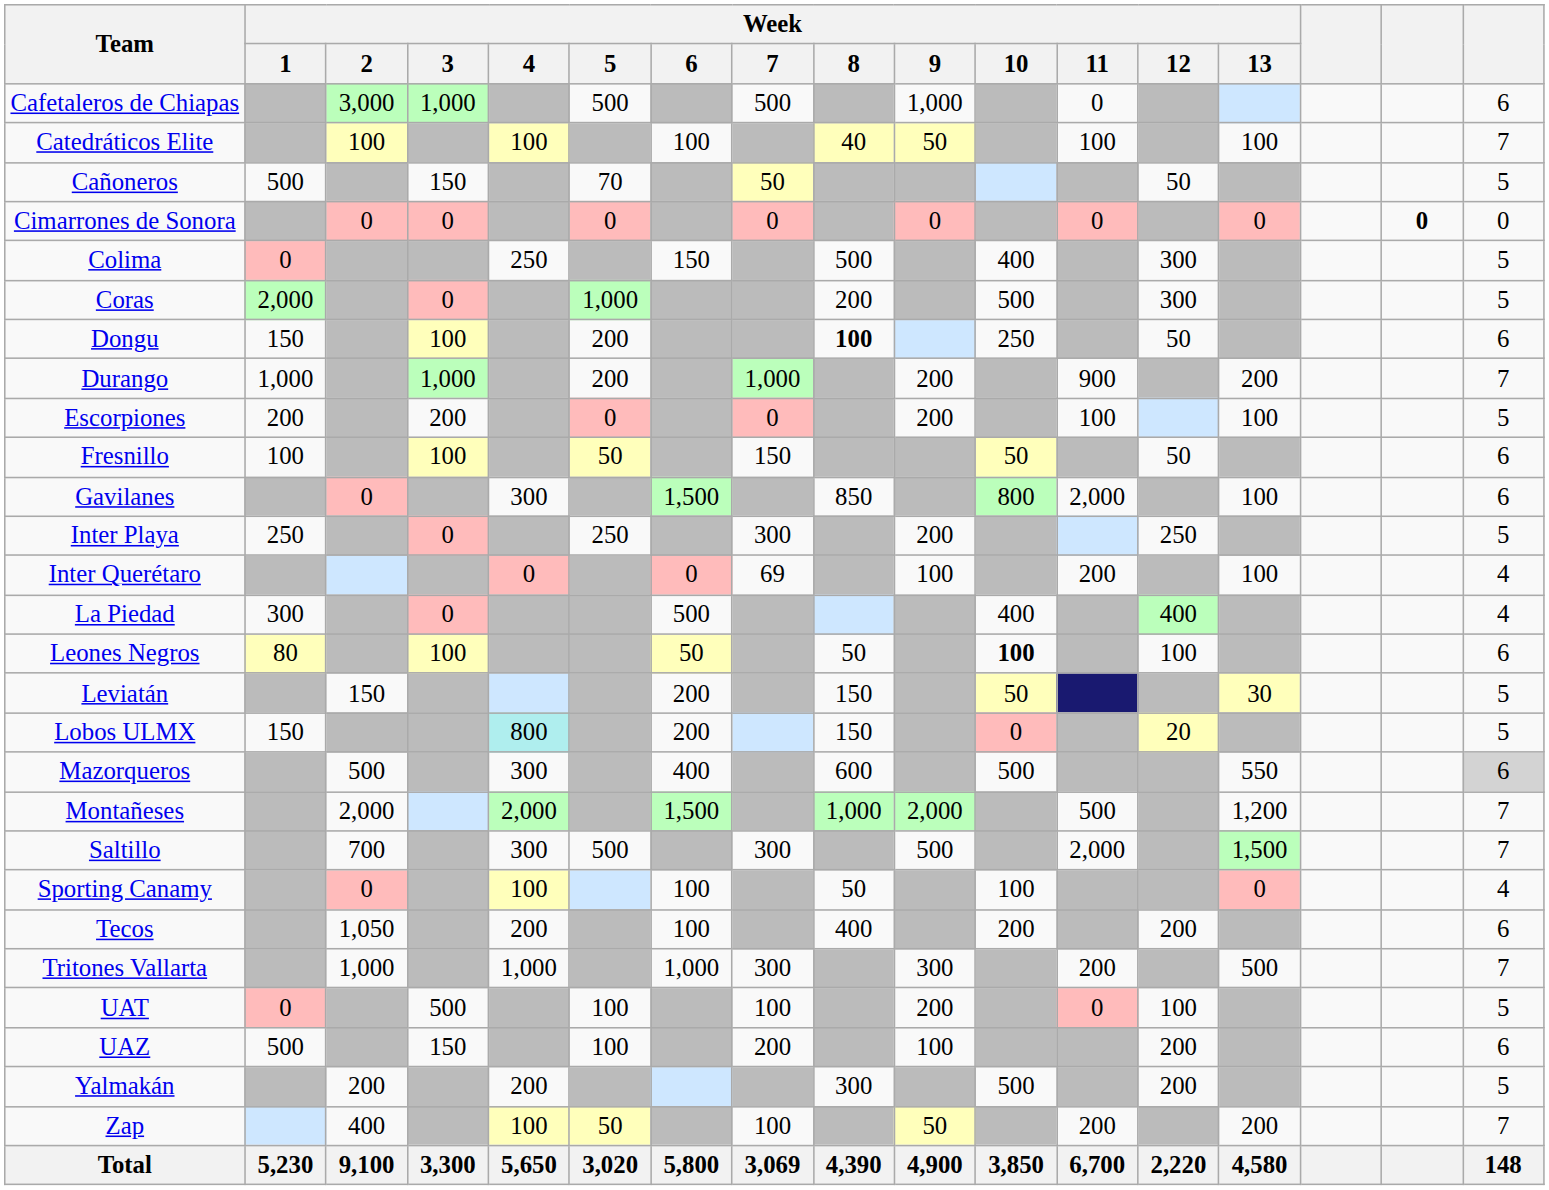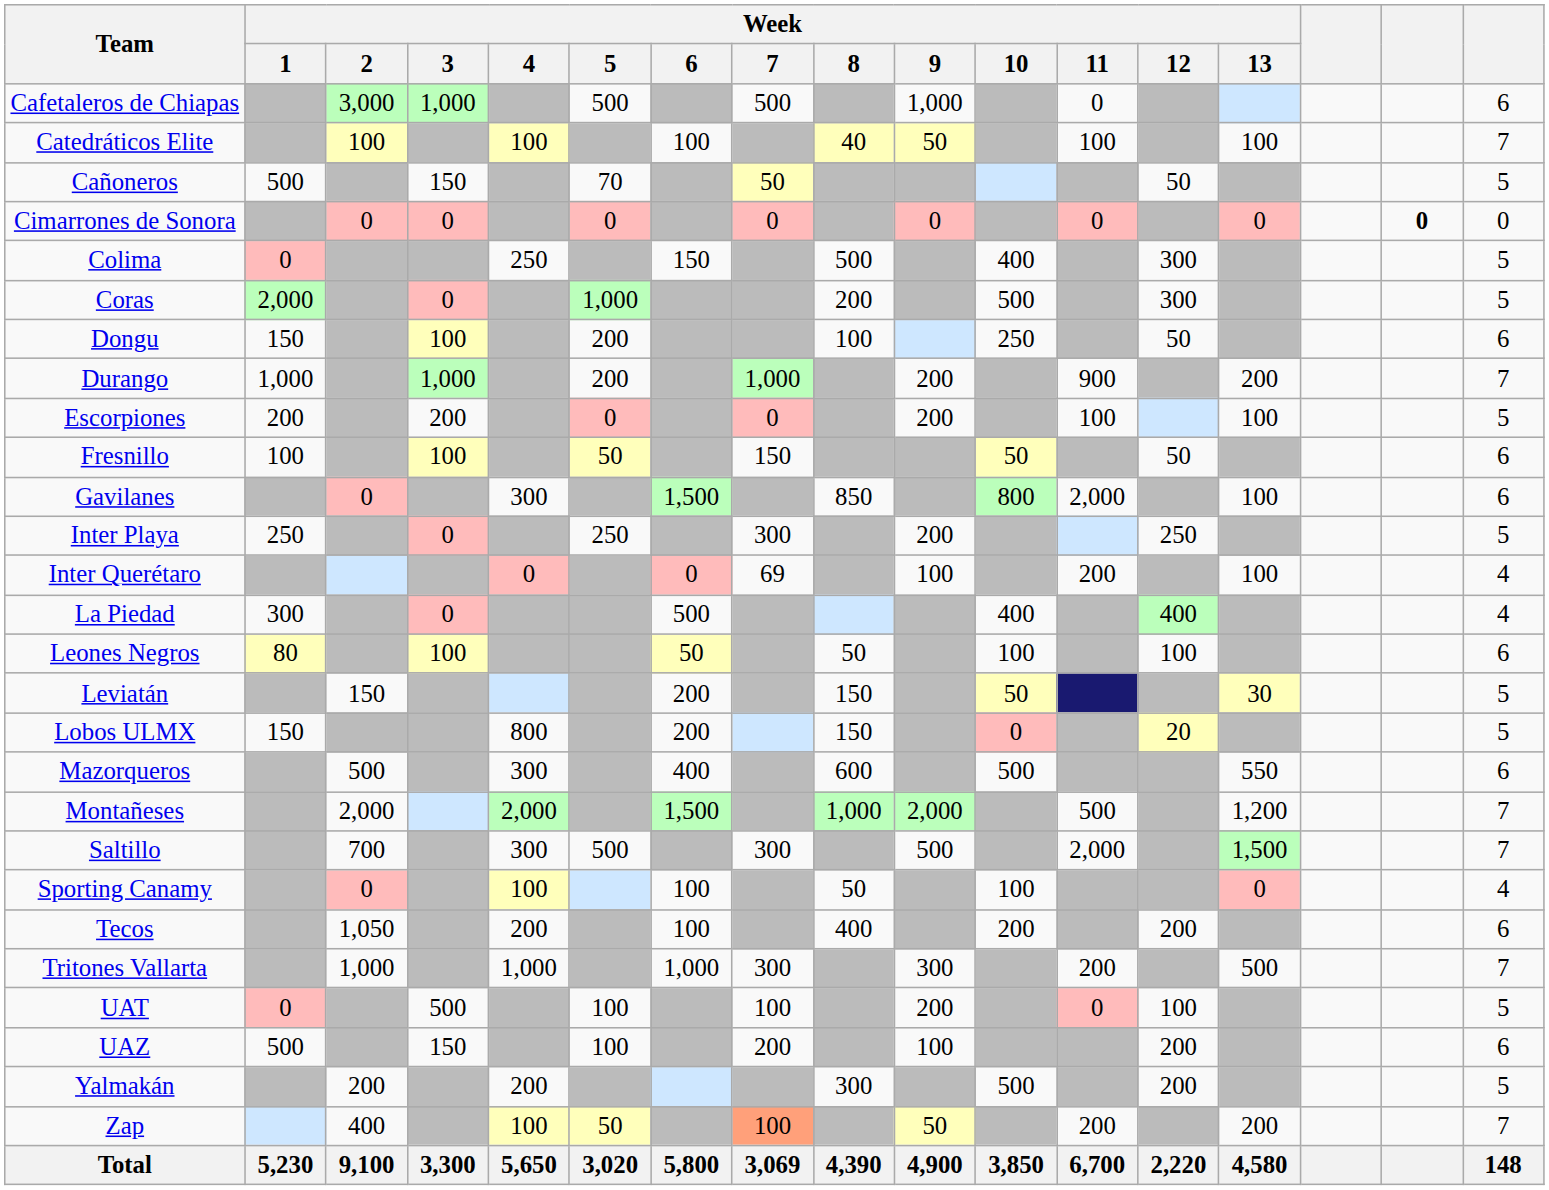 <table class="wikitable" style="text-align:center">
 <tr>
 <th colspan=1 rowspan="2">Team</th>
 <th colspan=13>Week</th>
 <th colspan=1 rowspan="2" width=45></th>
 <th colspan=1 rowspan="2" width=45></th>
 <th colspan=1 rowspan="2" width=45></th>
 </tr>
 <tr>
 <th width=45>1</th>
 <th width=45>2</th>
 <th width=45>3</th>
 <th width=45>4</th>
 <th width=45>5</th>
 <th width=45>6</th>
 <th width=45>7</th>
 <th width=45>8</th>
 <th width=45>9</th>
 <th width=45>10</th>
 <th width=45>11</th>
 <th width=45>12</th>
 <th width=45>13</th>
 </tr>
 <tr>
 <td><a href='#'>Cafetaleros de Chiapas</a></td>
 <td bgcolor=#BBBBBB></td>
 <td bgcolor=#BBFFBB>3,000</td>
 <td bgcolor=#BBFFBB>1,000</td>
 <td bgcolor=#BBBBBB></td>
 <td>500</td>
 <td bgcolor=#BBBBBB></td>
 <td>500</td>
 <td bgcolor=#BBBBBB></td>
 <td>1,000</td>
 <td bgcolor=#BBBBBB></td>
 <td>0</td>
 <td bgcolor=#BBBBBB></td>
 <td bgcolor=#CEE7FF></td>
 <td></td>
 <td><strong></strong></td>
 <td>6</td>
 </tr>
 <tr>
 <td><a href='#'>Catedráticos Elite</a></td>
 <td bgcolor=#BBBBBB></td>
 <td bgcolor=#FFFFBB>100</td>
 <td bgcolor=#BBBBBB></td>
 <td bgcolor=#FFFFBB>100</td>
 <td bgcolor=#BBBBBB></td>
 <td>100</td>
 <td bgcolor=#BBBBBB></td>
 <td bgcolor=#FFFFBB>40</td>
 <td bgcolor=#FFFFBB>50</td>
 <td bgcolor=#BBBBBB></td>
 <td>100</td>
 <td bgcolor=#BBBBBB></td>
 <td>100</td>
 <td></td>
 <td><strong> </strong></td>
 <td>7</td>
 </tr>
 <tr>
 <td><a href='#'>Cañoneros</a></td>
 <td>500</td>
 <td bgcolor=#BBBBBB></td>
 <td>150</td>
 <td bgcolor=#BBBBBB></td>
 <td>70</td>
 <td bgcolor=#BBBBBB></td>
 <td bgcolor=#FFFFBB>50</td>
 <td bgcolor=#BBBBBB></td>
 <td bgcolor=#BBBBBB></td>
 <td bgcolor=#CEE7FF></td>
 <td bgcolor=#BBBBBB></td>
 <td>50</td>
 <td bgcolor=#BBBBBB></td>
 <td></td>
 <td><strong></strong></td>
 <td>5</td>
 </tr>
 <tr>
 <td><a href='#'>Cimarrones de Sonora</a></td>
 <td bgcolor=#BBBBBB></td>
 <td bgcolor=#FFBBBB>0</td>
 <td bgcolor=#FFBBBB>0</td>
 <td bgcolor=#BBBBBB></td>
 <td bgcolor=#FFBBBB>0</td>
 <td bgcolor=#BBBBBB></td>
 <td bgcolor=#FFBBBB>0</td>
 <td bgcolor=#BBBBBB></td>
 <td bgcolor=#FFBBBB>0</td>
 <td bgcolor=#BBBBBB></td>
 <td bgcolor=#FFBBBB>0</td>
 <td bgcolor=#BBBBBB></td>
 <td bgcolor=#FFBBBB>0</td>
 <td></td>
 <td><strong>0</strong></td>
 <td>0</td>
 </tr>
 <tr>
 <td><a href='#'>Colima</a></td>
 <td bgcolor=#FFBBBB>0</td>
 <td bgcolor=#BBBBBB></td>
 <td bgcolor=#BBBBBB></td>
 <td>250</td>
 <td bgcolor=#BBBBBB></td>
 <td>150</td>
 <td bgcolor=#BBBBBB></td>
 <td>500</td>
 <td bgcolor=#BBBBBB></td>
 <td>400</td>
 <td bgcolor=#BBBBBB></td>
 <td>300</td>
 <td bgcolor=#BBBBBB></td>
 <td></td>
 <td><strong></strong></td>
 <td>5</td>
 </tr>
 <tr>
 <td><a href='#'>Coras</a></td>
 <td bgcolor=#BBFFBB>2,000</td>
 <td bgcolor=#BBBBBB></td>
 <td bgcolor=#FFBBBB>0</td>
 <td bgcolor=#BBBBBB></td>
 <td bgcolor=#BBFFBB>1,000</td>
 <td bgcolor=#BBBBBB></td>
 <td bgcolor=#BBBBBB></td>
 <td>200</td>
 <td bgcolor=#BBBBBB></td>
 <td>500</td>
 <td bgcolor=#BBBBBB></td>
 <td>300</td>
 <td bgcolor=#BBBBBB></td>
 <td></td>
 <td><strong></strong></td>
 <td>5</td>
 </tr>
 <tr>
 <td><a href='#'>Dongu</a></td>
 <td>150</td>
 <td bgcolor=#BBBBBB></td>
 <td bgcolor=#FFFFBB>100</td>
 <td bgcolor=#BBBBBB></td>
 <td>200</td>
 <td bgcolor=#BBBBBB></td>
 <td bgcolor=#BBBBBB></td>
-<td><strong>100</strong></td>
+<td>100</td>
 <td bgcolor=#CEE7FF></td>
 <td>250</td>
 <td bgcolor=#BBBBBB></td>
 <td>50</td>
 <td bgcolor=#BBBBBB></td>
 <td></td>
 <td><strong></strong></td>
 <td>6</td>
 </tr>
 <tr>
 <td><a href='#'>Durango</a></td>
 <td>1,000</td>
 <td bgcolor=#BBBBBB></td>
 <td bgcolor=#BBFFBB>1,000</td>
 <td bgcolor=#BBBBBB></td>
 <td>200</td>
 <td bgcolor=#BBBBBB></td>
 <td bgcolor=#BBFFBB>1,000</td>
 <td bgcolor=#BBBBBB></td>
 <td>200</td>
 <td bgcolor=#BBBBBB></td>
 <td>900</td>
 <td bgcolor=#BBBBBB></td>
 <td>200</td>
 <td></td>
 <td><strong></strong></td>
 <td>7</td>
 </tr>
 <tr>
 <td><a href='#'>Escorpiones</a></td>
 <td>200</td>
 <td bgcolor=#BBBBBB></td>
 <td>200</td>
 <td bgcolor=#BBBBBB></td>
 <td bgcolor=#FFBBBB>0</td>
 <td bgcolor=#BBBBBB></td>
 <td bgcolor=#FFBBBB>0</td>
 <td bgcolor=#BBBBBB></td>
 <td>200</td>
 <td bgcolor=#BBBBBB></td>
 <td>100</td>
 <td bgcolor=#CEE7FF></td>
 <td>100</td>
 <td></td>
 <td><strong> </strong></td>
 <td>5</td>
 </tr>
 <tr>
 <td><a href='#'>Fresnillo</a></td>
 <td>100</td>
 <td bgcolor=#BBBBBB></td>
 <td bgcolor=#FFFFBB>100</td>
 <td bgcolor=#BBBBBB></td>
 <td bgcolor=#FFFFBB>50</td>
 <td bgcolor=#BBBBBB></td>
 <td>150</td>
 <td bgcolor=#BBBBBB></td>
 <td bgcolor=#BBBBBB></td>
 <td bgcolor=#FFFFBB>50</td>
 <td bgcolor=#BBBBBB></td>
 <td>50</td>
 <td bgcolor=#BBBBBB></td>
 <td></td>
 <td><strong></strong></td>
 <td>6</td>
 </tr>
 <tr>
 <td><a href='#'>Gavilanes</a></td>
 <td bgcolor=#BBBBBB></td>
 <td bgcolor=#FFBBBB>0</td>
 <td bgcolor=#BBBBBB></td>
 <td>300</td>
 <td bgcolor=#BBBBBB></td>
 <td bgcolor=#BBFFBB>1,500</td>
 <td bgcolor=#BBBBBB></td>
 <td>850</td>
 <td bgcolor=#BBBBBB></td>
 <td bgcolor=#BBFFBB>800</td>
 <td>2,000</td>
 <td bgcolor=#BBBBBB></td>
 <td>100</td>
 <td></td>
 <td><strong> </strong></td>
 <td>6</td>
 </tr>
 <tr>
 <td><a href='#'>Inter Playa</a></td>
 <td>250</td>
 <td bgcolor=#BBBBBB></td>
 <td bgcolor=#FFBBBB>0</td>
 <td bgcolor=#BBBBBB></td>
 <td>250</td>
 <td bgcolor=#BBBBBB></td>
 <td>300</td>
 <td bgcolor=#BBBBBB></td>
 <td>200</td>
 <td bgcolor=#BBBBBB></td>
 <td bgcolor=#CEE7FF></td>
 <td>250</td>
 <td bgcolor=#BBBBBB></td>
 <td></td>
 <td><strong></strong></td>
 <td>5</td>
 </tr>
 <tr>
 <td><a href='#'>Inter Querétaro</a></td>
 <td bgcolor=#BBBBBB></td>
 <td bgcolor=#CEE7FF></td>
 <td bgcolor=#BBBBBB></td>
 <td bgcolor=#FFBBBB>0</td>
 <td bgcolor=#BBBBBB></td>
 <td bgcolor=#FFBBBB>0</td>
 <td>69</td>
 <td bgcolor=#BBBBBB></td>
 <td>100</td>
 <td bgcolor=#BBBBBB></td>
 <td>200</td>
 <td bgcolor=#BBBBBB></td>
 <td>100</td>
 <td></td>
 <td><strong></strong></td>
 <td>4</td>
 </tr>
 <tr>
 <td><a href='#'>La Piedad</a></td>
 <td>300</td>
 <td bgcolor=#BBBBBB></td>
 <td bgcolor=#FFBBBB>0</td>
 <td bgcolor=#BBBBBB></td>
 <td bgcolor=#BBBBBB></td>
 <td>500</td>
 <td bgcolor=#BBBBBB></td>
 <td bgcolor=#CEE7FF></td>
 <td bgcolor=#BBBBBB></td>
 <td>400</td>
 <td bgcolor=#BBBBBB></td>
 <td bgcolor=#BBFFBB>400</td>
 <td bgcolor=#BBBBBB></td>
 <td></td>
 <td><strong></strong></td>
 <td>4</td>
 </tr>
 <tr>
 <td><a href='#'>Leones Negros</a></td>
 <td bgcolor=#FFFFBB>80</td>
 <td bgcolor=#BBBBBB></td>
 <td bgcolor=#FFFFBB>100</td>
 <td bgcolor=#BBBBBB></td>
 <td bgcolor=#BBBBBB></td>
 <td bgcolor=#FFFFBB>50</td>
 <td bgcolor=#BBBBBB></td>
 <td>50</td>
 <td bgcolor=#BBBBBB></td>
-<td><strong>100</strong></td>
+<td>100</td>
 <td bgcolor=#BBBBBB></td>
 <td>100</td>
 <td bgcolor=#BBBBBB></td>
 <td></td>
 <td><strong></strong></td>
 <td>6</td>
 </tr>
 <tr>
 <td><a href='#'>Leviatán</a></td>
 <td bgcolor=#BBBBBB></td>
 <td>150</td>
 <td bgcolor=#BBBBBB></td>
 <td bgcolor=#CEE7FF></td>
 <td bgcolor=#BBBBBB></td>
 <td>200</td>
 <td bgcolor=#BBBBBB></td>
 <td>150</td>
 <td bgcolor=#BBBBBB></td>
 <td bgcolor=#FFFFBB>50</td>
 <td bgcolor=#191970></td>
 <td bgcolor=#BBBBBB></td>
 <td bgcolor=#FFFFBB>30</td>
 <td></td>
 <td><strong> </strong></td>
 <td>5</td>
 </tr>
 <tr>
 <td><a href='#'>Lobos ULMX</a></td>
 <td>150</td>
 <td bgcolor=#BBBBBB></td>
 <td bgcolor=#BBBBBB></td>
-<td style="background: paleturquoise;">800</td>
+<td>800</td>
 <td bgcolor=#BBBBBB></td>
 <td>200</td>
 <td bgcolor=#CEE7FF></td>
 <td>150</td>
 <td bgcolor=#BBBBBB></td>
 <td bgcolor=#FFBBBB>0</td>
 <td bgcolor=#BBBBBB></td>
 <td bgcolor=#FFFFBB>20</td>
 <td bgcolor=#BBBBBB></td>
 <td></td>
 <td><strong></strong></td>
 <td>5</td>
 </tr>
 <tr>
 <td><a href='#'>Mazorqueros</a></td>
 <td bgcolor=#BBBBBB></td>
 <td>500</td>
 <td bgcolor=#BBBBBB></td>
 <td>300</td>
 <td bgcolor=#BBBBBB></td>
 <td>400</td>
 <td bgcolor=#BBBBBB></td>
 <td>600</td>
 <td bgcolor=#BBBBBB></td>
 <td>500</td>
 <td bgcolor=#BBBBBB></td>
 <td bgcolor=#BBBBBB></td>
 <td>550</td>
 <td></td>
 <td><strong></strong></td>
-<td style="background: lightgrey;">6</td>
+<td>6</td>
 </tr>
 <tr>
 <td><a href='#'>Montañeses</a></td>
 <td bgcolor=#BBBBBB></td>
 <td>2,000</td>
 <td bgcolor=#CEE7FF></td>
 <td bgcolor=#BBFFBB>2,000</td>
 <td bgcolor=#BBBBBB></td>
 <td bgcolor=#BBFFBB>1,500</td>
 <td bgcolor=#BBBBBB></td>
 <td bgcolor=#BBFFBB>1,000</td>
 <td bgcolor=#BBFFBB>2,000</td>
 <td bgcolor=#BBBBBB></td>
 <td>500</td>
 <td bgcolor=#BBBBBB></td>
 <td>1,200</td>
 <td></td>
 <td><strong></strong></td>
 <td>7</td>
 </tr>
 <tr>
 <td><a href='#'>Saltillo</a></td>
 <td bgcolor=#BBBBBB></td>
 <td>700</td>
 <td bgcolor=#BBBBBB></td>
 <td>300</td>
 <td>500</td>
 <td bgcolor=#BBBBBB></td>
 <td>300</td>
 <td bgcolor=#BBBBBB></td>
 <td>500</td>
 <td bgcolor=#BBBBBB></td>
 <td>2,000</td>
 <td bgcolor=#BBBBBB></td>
 <td bgcolor=#BBFFBB>1,500</td>
 <td></td>
 <td><strong> </strong></td>
 <td>7</td>
 </tr>
 <tr>
 <td><a href='#'>Sporting Canamy</a></td>
 <td bgcolor=#BBBBBB></td>
 <td bgcolor=#FFBBBB>0</td>
 <td bgcolor=#BBBBBB></td>
 <td bgcolor=#FFFFBB>100</td>
 <td bgcolor=#CEE7FF></td>
 <td>100</td>
 <td bgcolor=#BBBBBB></td>
 <td>50</td>
 <td bgcolor=#BBBBBB></td>
 <td>100</td>
 <td bgcolor=#BBBBBB></td>
 <td bgcolor=#BBBBBB></td>
 <td bgcolor=#FFBBBB>0</td>
 <td></td>
 <td><strong></strong></td>
 <td>4</td>
 </tr>
 <tr>
 <td><a href='#'>Tecos</a></td>
 <td bgcolor=#BBBBBB></td>
 <td>1,050</td>
 <td bgcolor=#BBBBBB></td>
 <td>200</td>
 <td bgcolor=#BBBBBB></td>
 <td>100</td>
 <td bgcolor=#BBBBBB></td>
 <td>400</td>
 <td bgcolor=#BBBBBB></td>
 <td>200</td>
 <td bgcolor=#BBBBBB></td>
 <td>200</td>
 <td bgcolor=#BBBBBB></td>
 <td></td>
 <td><strong></strong></td>
 <td>6</td>
 </tr>
 <tr>
 <td><a href='#'>Tritones Vallarta</a></td>
 <td bgcolor=#BBBBBB></td>
 <td>1,000</td>
 <td bgcolor=#BBBBBB></td>
 <td>1,000</td>
 <td bgcolor=#BBBBBB></td>
 <td>1,000</td>
 <td>300</td>
 <td bgcolor=#BBBBBB></td>
 <td>300</td>
 <td bgcolor=#BBBBBB></td>
 <td>200</td>
 <td bgcolor=#BBBBBB></td>
 <td>500</td>
 <td></td>
 <td><strong> </strong></td>
 <td>7</td>
 </tr>
 <tr>
 <td><a href='#'>UAT</a></td>
 <td bgcolor=#FFBBBB>0</td>
 <td bgcolor=#BBBBBB></td>
 <td>500</td>
 <td bgcolor=#BBBBBB></td>
 <td>100</td>
 <td bgcolor=#BBBBBB></td>
 <td>100</td>
 <td bgcolor=#BBBBBB></td>
 <td>200</td>
 <td bgcolor=#BBBBBB></td>
 <td bgcolor=#FFBBBB>0</td>
 <td>100</td>
 <td bgcolor=#BBBBBB></td>
 <td></td>
 <td><strong></strong></td>
 <td>5</td>
 </tr>
 <tr>
 <td><a href='#'>UAZ</a></td>
 <td>500</td>
 <td bgcolor=#BBBBBB></td>
 <td>150</td>
 <td bgcolor=#BBBBBB></td>
 <td>100</td>
 <td bgcolor=#BBBBBB></td>
 <td>200</td>
 <td bgcolor=#BBBBBB></td>
 <td>100</td>
 <td bgcolor=#BBBBBB></td>
 <td bgcolor=#BBBBBB></td>
 <td>200</td>
 <td bgcolor=#BBBBBB></td>
 <td></td>
 <td><strong></strong></td>
 <td>6</td>
 </tr>
 <tr>
 <td><a href='#'>Yalmakán</a></td>
 <td bgcolor=#BBBBBB></td>
 <td>200</td>
 <td bgcolor=#BBBBBB></td>
 <td>200</td>
 <td bgcolor=#BBBBBB></td>
 <td bgcolor=#CEE7FF></td>
 <td bgcolor=#BBBBBB></td>
 <td>300</td>
 <td bgcolor=#BBBBBB></td>
 <td>500</td>
 <td bgcolor=#BBBBBB></td>
 <td>200</td>
 <td bgcolor=#BBBBBB></td>
 <td></td>
 <td><strong></strong></td>
 <td>5</td>
 </tr>
 <tr>
 <td><a href='#'>Zap</a></td>
 <td bgcolor=#CEE7FF></td>
 <td>400</td>
 <td bgcolor=#BBBBBB></td>
 <td bgcolor=#FFFFBB>100</td>
 <td bgcolor=#FFFFBB>50</td>
 <td bgcolor=#BBBBBB></td>
-<td>100</td>
+<td style="background: lightsalmon;">100</td>
 <td bgcolor=#BBBBBB></td>
 <td bgcolor=#FFFFBB>50</td>
 <td bgcolor=#BBBBBB></td>
 <td>200</td>
 <td bgcolor=#BBBBBB></td>
 <td>200</td>
 <td></td>
 <td><strong></strong></td>
 <td>7</td>
 </tr>
 <tr>
 <th align=center>Total</th>
 <th>5,230</th>
 <th>9,100</th>
 <th>3,300</th>
 <th>5,650</th>
 <th>3,020</th>
 <th>5,800</th>
 <th>3,069</th>
 <th>4,390</th>
 <th>4,900</th>
 <th>3,850</th>
 <th>6,700</th>
 <th>2,220</th>
 <th>4,580</th>
 <th></th>
 <th><strong></strong></th>
 <th>148</th>
 </tr>
 </table>
